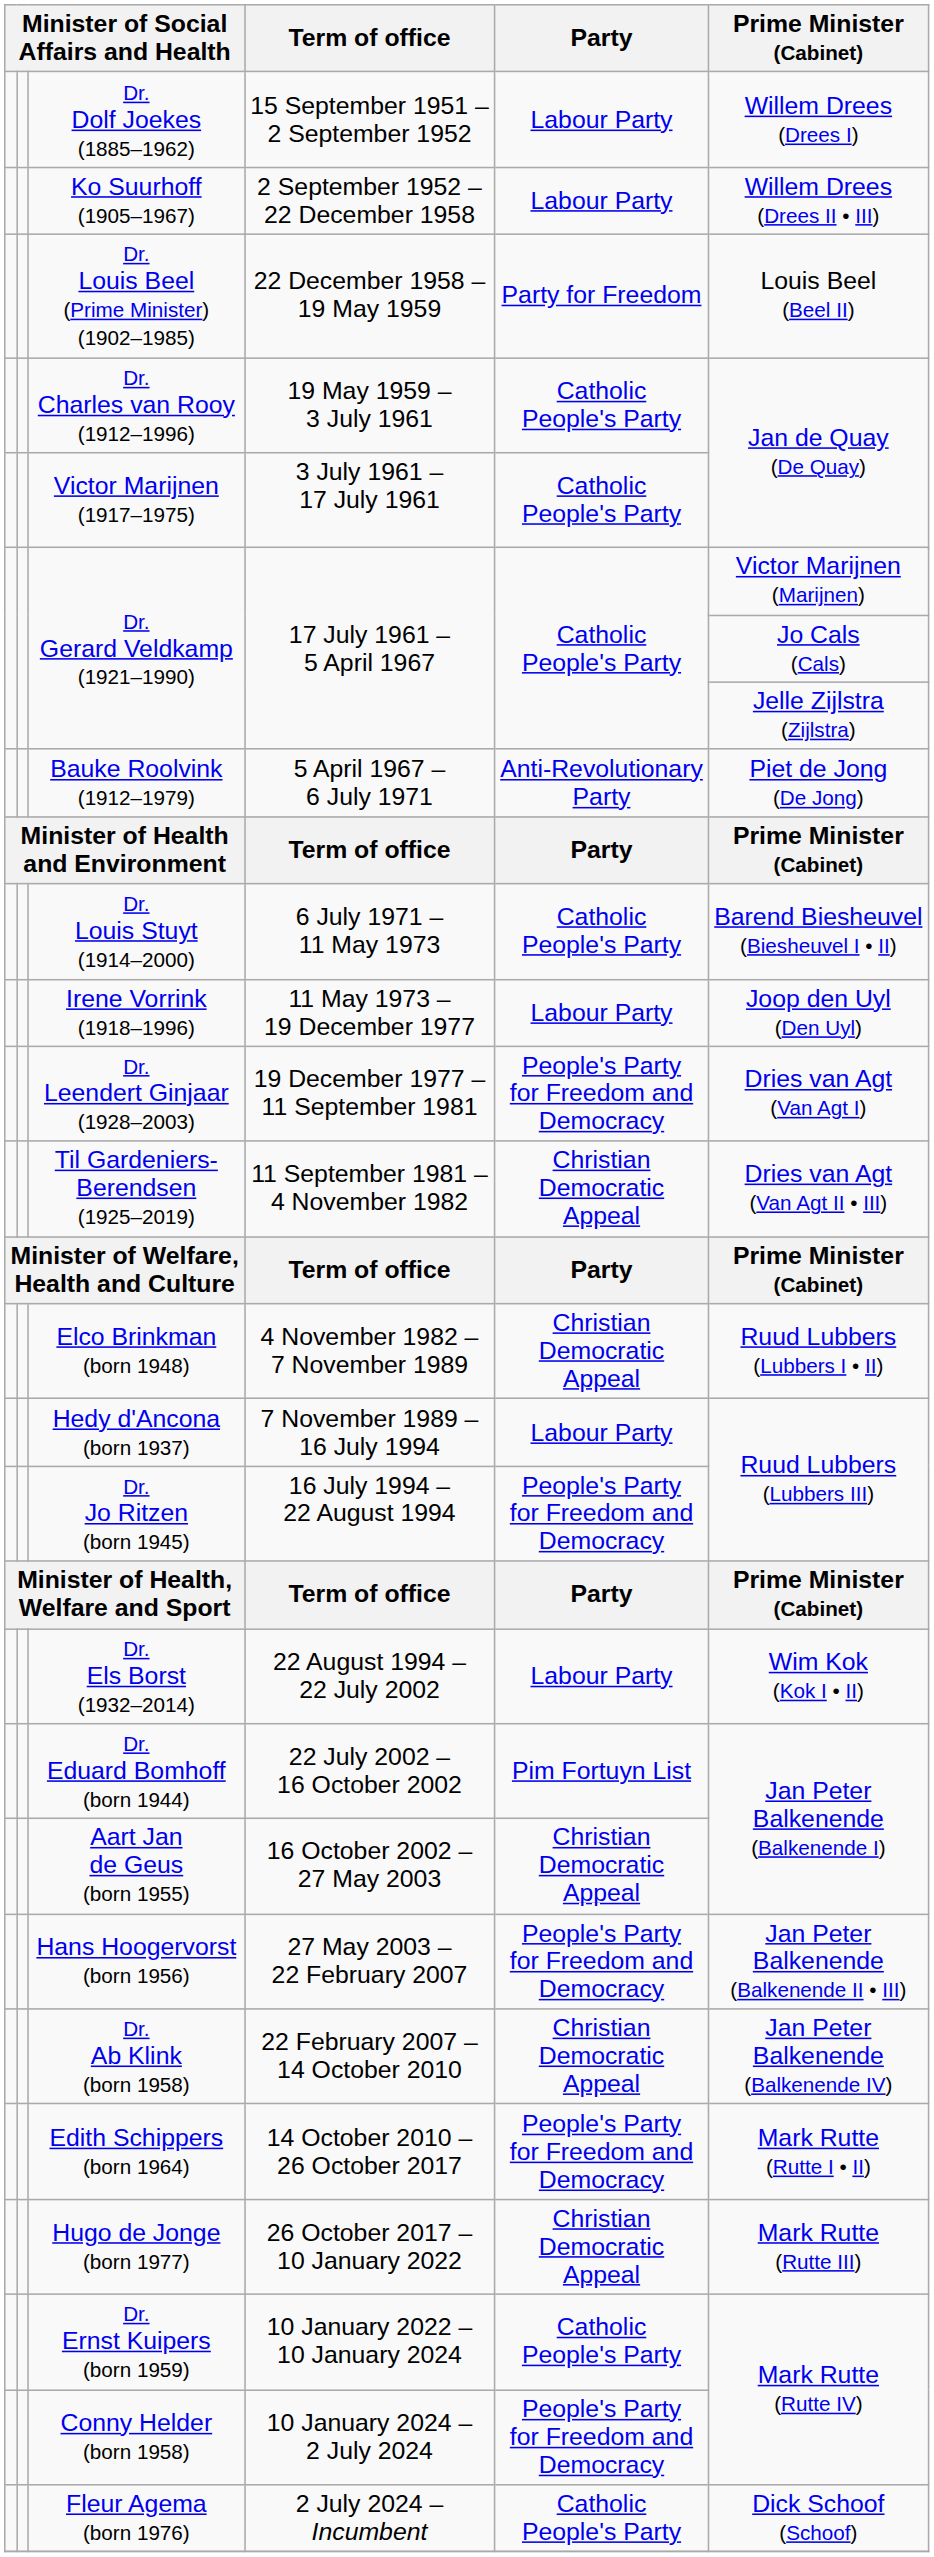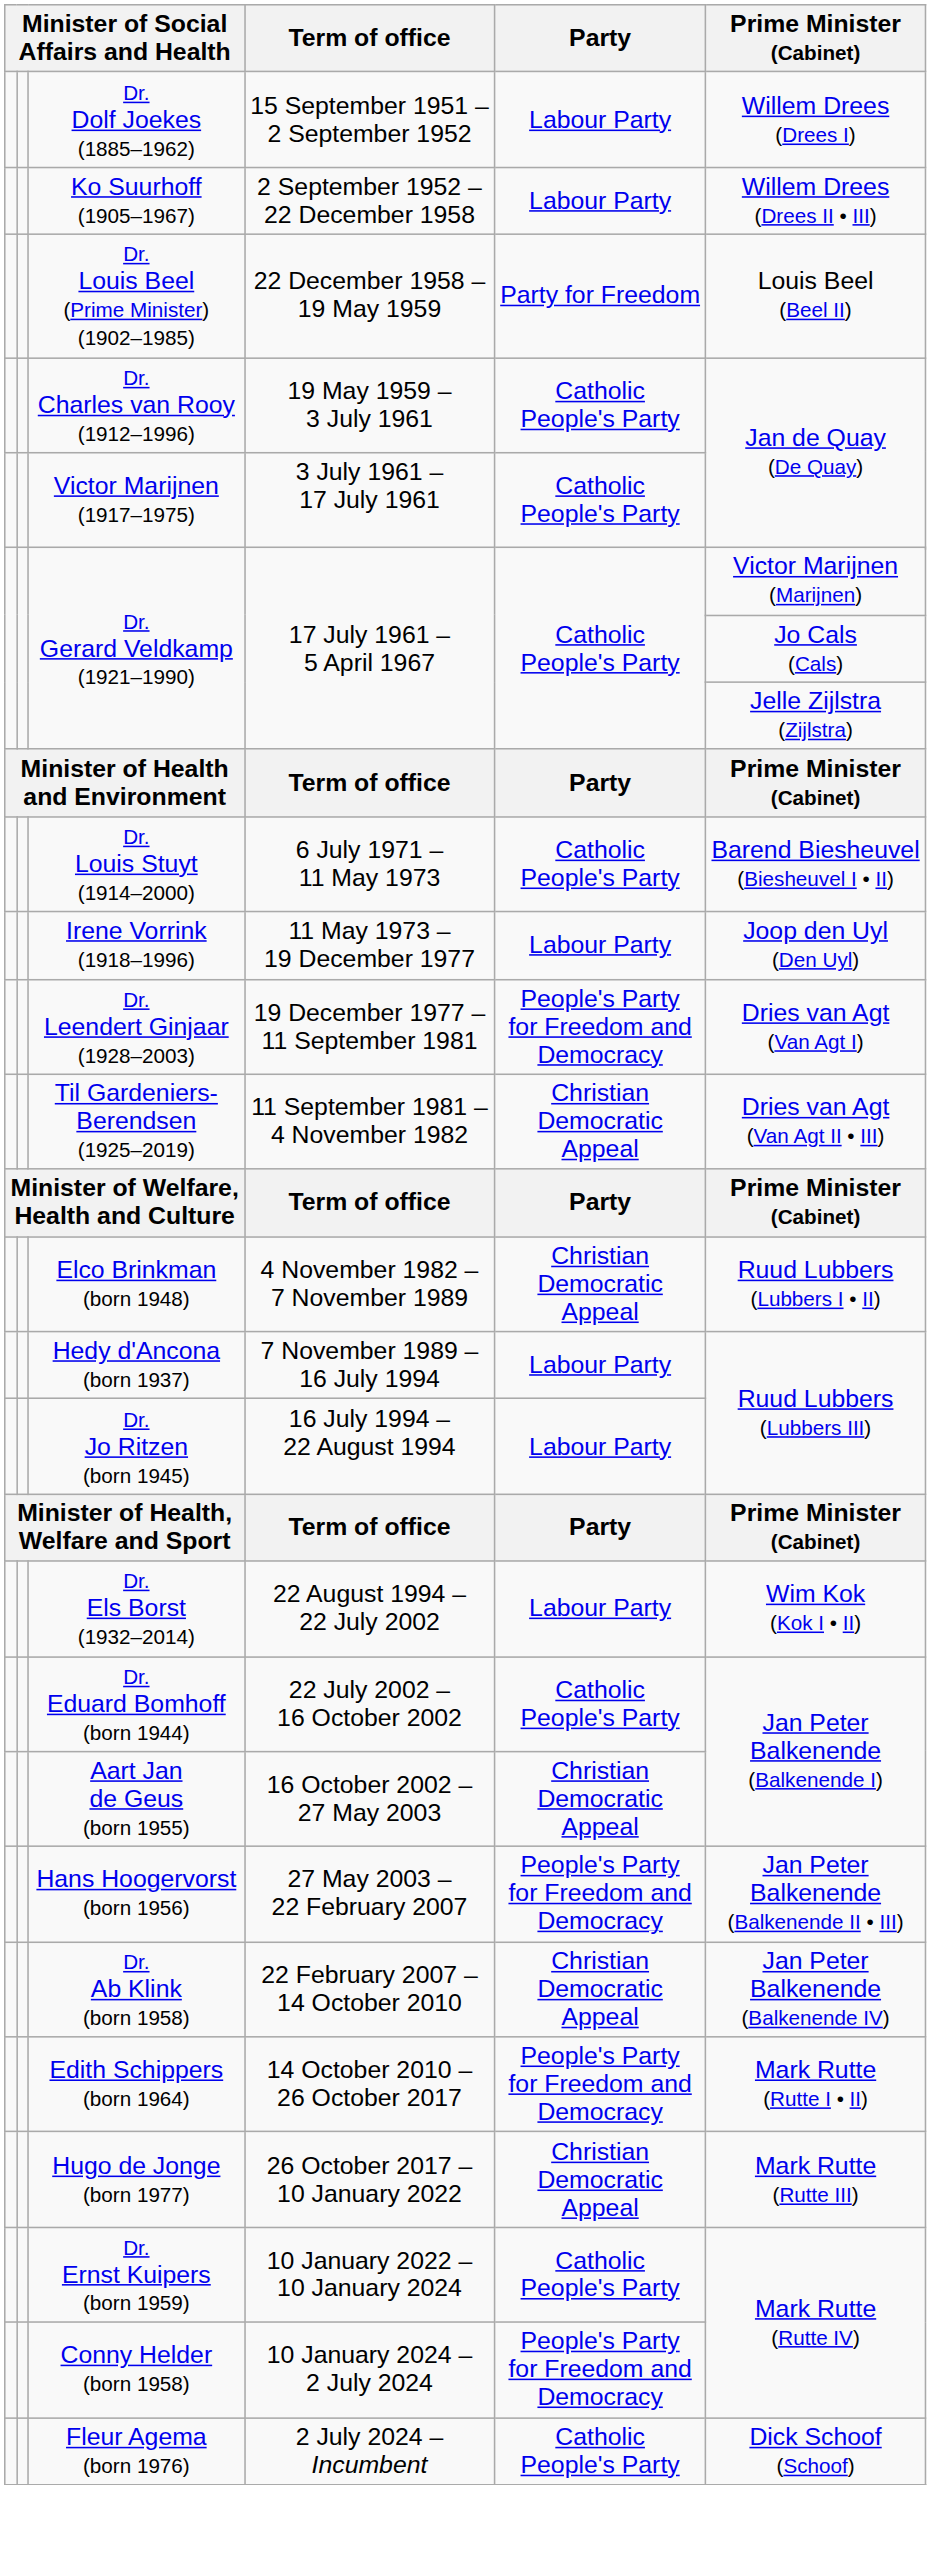 <table class="wikitable" style="text-align:center">
 <tr>
 <th colspan=3>Minister of Social <br> Affairs and Health</th>
 <th>Term of office</th>
 <th>Party</th>
 <th>Prime Minister <br> <small>(Cabinet)</small></th>
 </tr>
 <tr>
 <td style="background:"></td>
 <td></td>
 <td><small><a href='#'>Dr.</a></small> <br> <a href='#'>Dolf Joekes</a> <br> <small>(1885–1962)</small></td>
 <td>15 September 1951 – <br> 2 September 1952</td>
 <td><a href='#'>Labour Party</a></td>
 <td><a href='#'>Willem Drees</a> <br> <small>(<a href='#'>Drees I</a>)</small> <br></td>
 </tr>
 <tr>
 <td style="background:"></td>
 <td></td>
 <td><a href='#'>Ko Suurhoff</a> <br> <small>(1905–1967)</small></td>
 <td>2 September 1952 – <br> 22 December 1958</td>
 <td><a href='#'>Labour Party</a></td>
 <td><a href='#'>Willem Drees</a> <br> <small>(<a href='#'>Drees II</a> • <a href='#'>III</a>)</small> <br></td>
 </tr>
 <tr>
 <td style="background:"></td>
 <td></td>
 <td><small><a href='#'>Dr.</a></small> <br> <a href='#'>Louis Beel</a> <br> <small>(<a href='#'>Prime Minister</a>)</small> <br> <small>(1902–1985)</small></td>
 <td>22 December 1958 – <br> 19 May 1959</td>
 <td><a href='#'>Party for Freedom</a></td>
 <td>Louis Beel <br> <small>(<a href='#'>Beel II</a>)</small> <br></td>
 </tr>
 <tr>
 <td style="background:"></td>
 <td></td>
 <td><small><a href='#'>Dr.</a></small> <br> <a href='#'>Charles van Rooy</a> <br> <small>(1912–1996)</small></td>
 <td>19 May 1959 – <br> 3 July 1961 <br> </td>
 <td><a href='#'>Catholic <br> People's Party</a></td>
 <td rowspan=3><a href='#'>Jan de Quay</a> <br> <small>(<a href='#'>De Quay</a>)</small> <br></td>
 </tr>
 <tr>
 <td style="background:"></td>
 <td></td>
 <td><a href='#'>Victor Marijnen</a> <br> <small>(1917–1975)</small></td>
 <td>3 July 1961 – <br> 17 July 1961 <br>  <br> </td>
 <td><a href='#'>Catholic <br> People's Party</a></td>
 </tr>
 <tr>
 <td rowspan=4 style="background:"></td>
 <td rowspan=4></td>
 <td rowspan=4><small><a href='#'>Dr.</a></small> <br> <a href='#'>Gerard Veldkamp</a> <br> <small>(1921–1990)</small></td>
 <td rowspan=4>17 July 1961 – <br> 5 April 1967</td>
 <td rowspan=4><a href='#'>Catholic <br> People's Party</a></td>
 </tr>
 <tr>
 <td><a href='#'>Victor Marijnen</a> <br> <small>(<a href='#'>Marijnen</a>)</small> <br></td>
 </tr>
 <tr>
 <td><a href='#'>Jo Cals</a> <br> <small>(<a href='#'>Cals</a>)</small> <br></td>
 </tr>
 <tr>
 <td><a href='#'>Jelle Zijlstra</a> <br> <small>(<a href='#'>Zijlstra</a>)</small> <br></td>
-</tr>
-<tr>
-<td style="background:"></td>
-<td></td>
-<td><a href='#'>Bauke Roolvink</a> <br> <small>(1912–1979)</small></td>
-<td>5 April 1967 – <br> 6 July 1971</td>
-<td><a href='#'>Anti-Revolutionary <br> Party</a></td>
-<td><a href='#'>Piet de Jong</a> <br> <small>(<a href='#'>De Jong</a>)</small> <br></td>
 </tr>
 <tr>
 <th colspan=3>Minister of Health <br> and Environment</th>
 <th>Term of office</th>
 <th>Party</th>
 <th>Prime Minister <br> <small>(Cabinet)</small></th>
 </tr>
 <tr>
 <td style="background:"></td>
 <td></td>
 <td><small><a href='#'>Dr.</a></small> <br> <a href='#'>Louis Stuyt</a> <br> <small>(1914–2000)</small></td>
 <td>6 July 1971 – <br> 11 May 1973</td>
 <td><a href='#'>Catholic <br> People's Party</a></td>
 <td><a href='#'>Barend Biesheuvel</a> <br> <small>(<a href='#'>Biesheuvel I</a> • <a href='#'>II</a>)</small> <br></td>
 </tr>
 <tr>
 <td style="background:"></td>
 <td></td>
 <td><a href='#'>Irene Vorrink</a> <br> <small>(1918–1996)</small></td>
 <td>11 May 1973 – <br> 19 December 1977</td>
 <td><a href='#'>Labour Party</a></td>
 <td><a href='#'>Joop den Uyl</a> <br> <small>(<a href='#'>Den Uyl</a>)</small> <br></td>
 </tr>
 <tr>
 <td style="background:"></td>
 <td></td>
 <td><small><a href='#'>Dr.</a></small> <br> <a href='#'>Leendert Ginjaar</a> <br> <small>(1928–2003)</small></td>
 <td>19 December 1977 – <br> 11 September 1981</td>
 <td><a href='#'>People's Party <br> for Freedom and <br> Democracy</a></td>
 <td><a href='#'>Dries van Agt</a> <br> <small>(<a href='#'>Van Agt I</a>)</small> <br></td>
 </tr>
 <tr>
 <td style="background:"></td>
 <td></td>
 <td><a href='#'>Til Gardeniers-<br>Berendsen</a> <br> <small>(1925–2019)</small></td>
 <td>11 September 1981 – <br> 4 November 1982</td>
 <td><a href='#'>Christian <br> Democratic <br> Appeal</a></td>
 <td><a href='#'>Dries van Agt</a> <br> <small>(<a href='#'>Van Agt II</a> • <a href='#'>III</a>)</small> <br></td>
 </tr>
 <tr>
 <th colspan=3>Minister of Welfare, <br> Health and Culture</th>
 <th>Term of office</th>
 <th>Party</th>
 <th>Prime Minister <br> <small>(Cabinet)</small></th>
 </tr>
 <tr>
 <td style="background:"></td>
 <td></td>
 <td><a href='#'>Elco Brinkman</a> <br> <small>(born 1948)</small></td>
 <td>4 November 1982 – <br> 7 November 1989</td>
 <td><a href='#'>Christian <br> Democratic <br> Appeal</a></td>
 <td><a href='#'>Ruud Lubbers</a> <br> <small>(<a href='#'>Lubbers I</a> • <a href='#'>II</a>)</small> <br></td>
 </tr>
 <tr>
 <td style="background:"></td>
 <td></td>
 <td><a href='#'>Hedy d'Ancona</a> <br> <small>(born 1937)</small></td>
 <td>7 November 1989 – <br> 16 July 1994  <br> </td>
 <td><a href='#'>Labour Party</a></td>
 <td rowspan=2><a href='#'>Ruud Lubbers</a> <br> <small>(<a href='#'>Lubbers III</a>)</small> <br></td>
 </tr>
 <tr>
 <td style="background:"></td>
 <td></td>
 <td><small><a href='#'>Dr.</a></small> <br> <a href='#'>Jo Ritzen</a> <br> <small>(born 1945)</small></td>
 <td>16 July 1994 – <br> 22 August 1994 <br>  <br> </td>
-<td><a href='#'>People's Party <br> for Freedom and <br> Democracy</a></td>
+<td><a href='#'>Labour Party</a></td>
 </tr>
 <tr>
 <th colspan=3>Minister of Health, <br> Welfare and Sport</th>
 <th>Term of office</th>
 <th>Party</th>
 <th>Prime Minister <br> <small>(Cabinet)</small></th>
 </tr>
 <tr>
 <td style="background:"></td>
 <td></td>
 <td><small><a href='#'>Dr.</a></small> <br> <a href='#'>Els Borst</a> <br> <small>(1932–2014)</small> <br> <small></small></td>
 <td>22 August 1994 – <br> 22 July 2002</td>
 <td><a href='#'>Labour Party</a></td>
 <td><a href='#'>Wim Kok</a> <br> <small>(<a href='#'>Kok I</a> • <a href='#'>II</a>)</small> <br></td>
 </tr>
 <tr>
 <td style="background:"></td>
 <td></td>
 <td><small><a href='#'>Dr.</a></small> <br> <a href='#'>Eduard Bomhoff</a> <br> <small>(born 1944)</small> <br> <small></small></td>
 <td>22 July 2002 – <br> 16 October 2002 <br> </td>
-<td><a href='#'>Pim Fortuyn List</a></td>
+<td><a href='#'>Catholic <br> People's Party</a></td>
 <td rowspan=2><a href='#'>Jan Peter <br> Balkenende</a> <br> <small>(<a href='#'>Balkenende I</a>)</small> <br></td>
 </tr>
 <tr>
 <td style="background:"></td>
 <td></td>
 <td><a href='#'>Aart Jan <br> de Geus</a> <br> <small>(born 1955)</small></td>
 <td>16 October 2002 – <br> 27 May 2003 <br>  </td>
 <td><a href='#'>Christian <br> Democratic <br> Appeal</a></td>
 </tr>
 <tr>
 <td style="background:"></td>
 <td></td>
 <td><a href='#'>Hans Hoogervorst</a> <br> <small>(born 1956)</small></td>
 <td>27 May 2003 – <br> 22 February 2007</td>
 <td><a href='#'>People's Party <br> for Freedom and <br> Democracy</a></td>
 <td><a href='#'>Jan Peter <br> Balkenende</a> <br> <small>(<a href='#'>Balkenende II</a> • <a href='#'>III</a>)</small> <br></td>
 </tr>
 <tr>
 <td style="background:"></td>
 <td></td>
 <td><small><a href='#'>Dr.</a></small> <br> <a href='#'>Ab Klink</a> <br> <small>(born 1958)</small></td>
 <td>22 February 2007 – <br> 14 October 2010</td>
 <td><a href='#'>Christian <br> Democratic <br> Appeal</a></td>
 <td><a href='#'>Jan Peter <br> Balkenende</a> <br> <small>(<a href='#'>Balkenende IV</a>)</small> <br></td>
 </tr>
 <tr>
 <td style="background:"></td>
 <td></td>
 <td><a href='#'>Edith Schippers</a> <br> <small>(born 1964)</small></td>
 <td>14 October 2010 – <br> 26 October 2017</td>
 <td><a href='#'>People's Party <br> for Freedom and <br> Democracy</a></td>
 <td><a href='#'>Mark Rutte</a> <br> <small>(<a href='#'>Rutte I</a> • <a href='#'>II</a>)</small> <br></td>
 </tr>
 <tr>
 <td style="background:"></td>
 <td></td>
 <td><a href='#'>Hugo de Jonge</a> <br> <small>(born 1977)</small> <br> <small></small></td>
 <td>26 October 2017 – <br> 10 January 2022</td>
 <td><a href='#'>Christian <br> Democratic <br> Appeal</a></td>
 <td><a href='#'>Mark Rutte</a> <br> <small>(<a href='#'>Rutte III</a>)</small> <br></td>
 </tr>
 <tr>
 <td style="background:"></td>
 <td></td>
 <td><small><a href='#'>Dr.</a></small> <br> <a href='#'>Ernst Kuipers</a> <br> <small>(born 1959)</small></td>
 <td>10 January 2022 – <br> 10 January 2024 <br> </td>
 <td><a href='#'>Catholic <br> People's Party</a></td>
 <td rowspan=2><a href='#'>Mark Rutte</a> <br> <small>(<a href='#'>Rutte IV</a>)</small> <br></td>
 </tr>
 <tr>
 <td style="background:"></td>
 <td></td>
 <td><a href='#'>Conny Helder</a> <br> <small>(born 1958)</small></td>
 <td>10 January 2024 – <br> 2 July 2024</td>
 <td><a href='#'>People's Party <br> for Freedom and <br> Democracy</a></td>
 </tr>
 <tr>
 <td style="background:"></td>
 <td></td>
 <td><a href='#'>Fleur Agema</a> <br> <small>(born 1976)</small></td>
 <td>2 July 2024 – <br> <em>Incumbent</em></td>
 <td><a href='#'>Catholic <br> People's Party</a></td>
 <td><a href='#'>Dick Schoof</a> <br> <small>(<a href='#'>Schoof</a>)</small> <br></td>
 </tr>
 <tr>
 </tr>
 </table>
